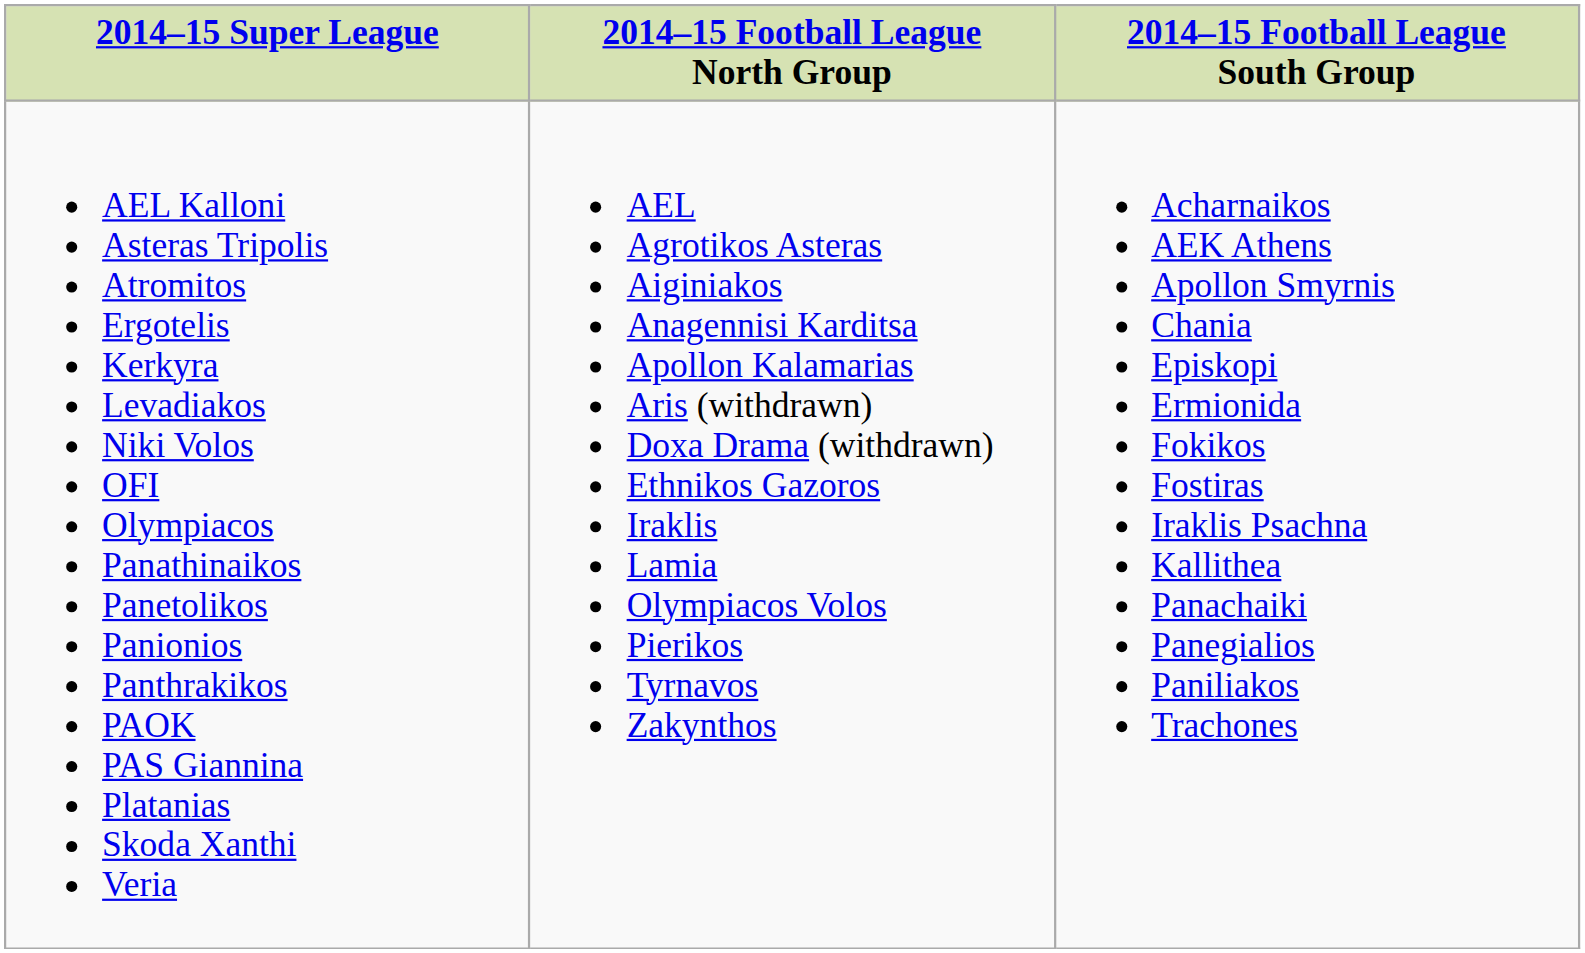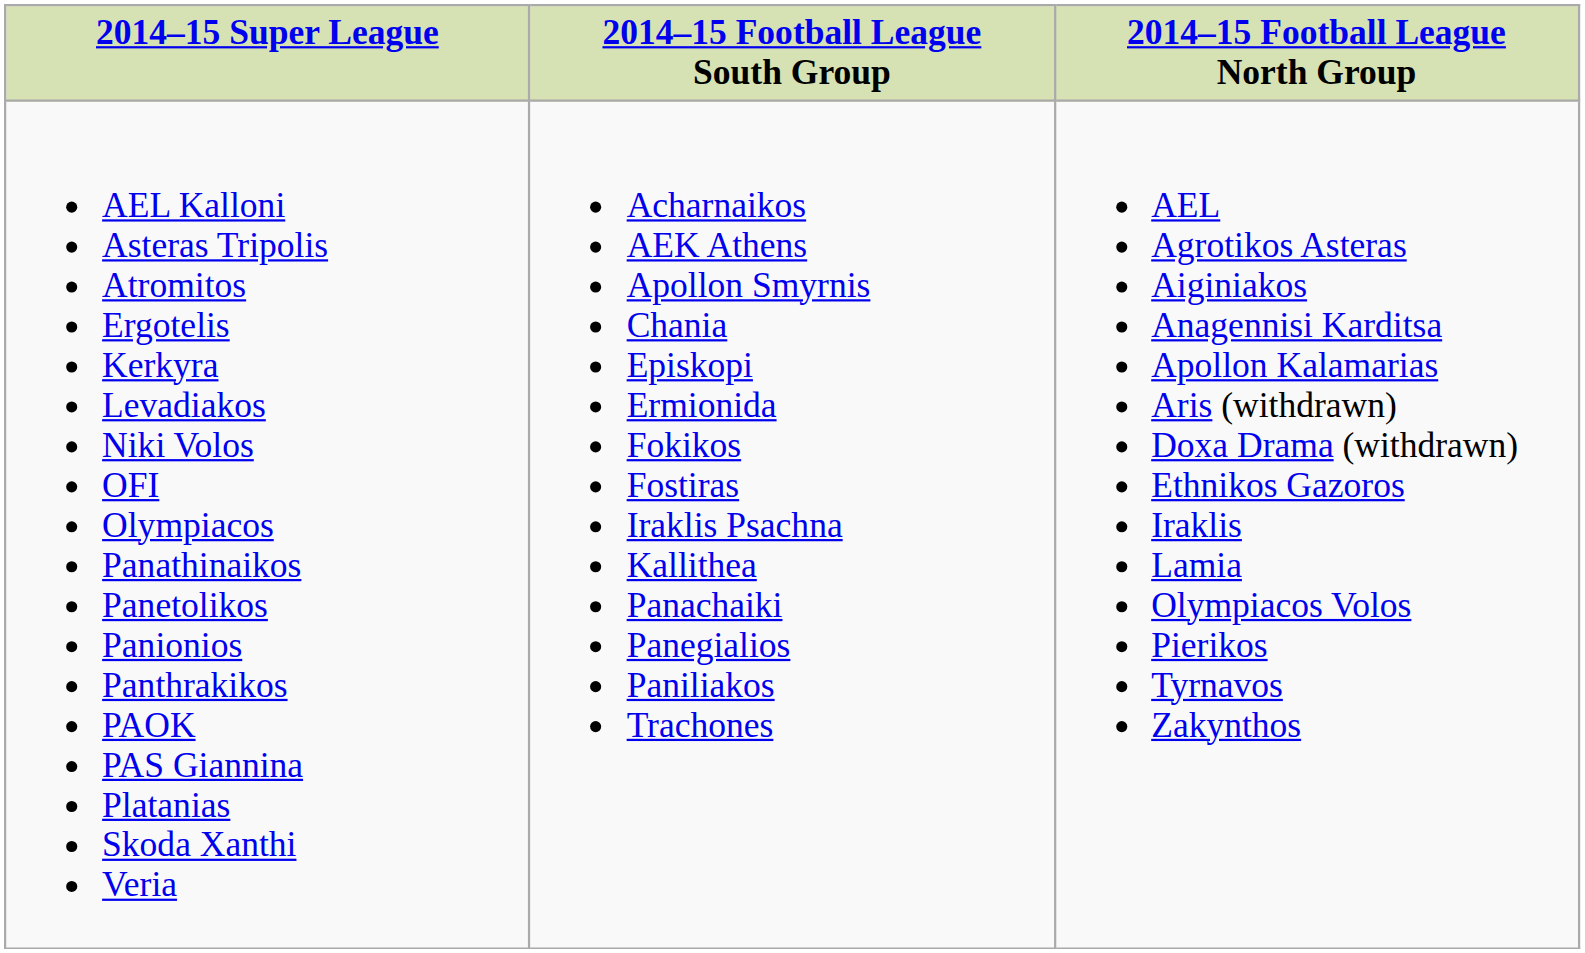 <table class="wikitable">
 <tr valign="top" bgcolor="#D6E2B3">
 <td align="center" width="30%"><strong><a href='#'>2014–15 Super League</a></strong></td>
+<td align="center" width="30%"><strong><a href='#'>2014–15 Football League</a><br>South Group</strong></td>
 <td align="center" width="30%"><strong><a href='#'>2014–15 Football League</a><br>North Group</strong></td>
-<td align="center" width="30%"><strong><a href='#'>2014–15 Football League</a><br>South Group</strong></td>
 </tr>
 <tr valign="top">
 <td><br><ul><li><a href='#'>AEL Kalloni</a></li><li><a href='#'>Asteras Tripolis</a></li><li><a href='#'>Atromitos</a></li><li><a href='#'>Ergotelis</a></li><li><a href='#'>Kerkyra</a></li><li><a href='#'>Levadiakos</a></li><li><a href='#'>Niki Volos</a></li><li><a href='#'>OFI</a></li><li><a href='#'>Olympiacos</a></li><li><a href='#'>Panathinaikos</a></li><li><a href='#'>Panetolikos</a></li><li><a href='#'>Panionios</a></li><li><a href='#'>Panthrakikos</a></li><li><a href='#'>PAOK</a></li><li><a href='#'>PAS Giannina</a></li><li><a href='#'>Platanias</a></li><li><a href='#'>Skoda Xanthi</a></li><li><a href='#'>Veria</a></li></ul></td>
+<td><br><ul><li><a href='#'>Acharnaikos</a></li><li><a href='#'>AEK Athens</a></li><li><a href='#'>Apollon Smyrnis</a></li><li><a href='#'>Chania</a></li><li><a href='#'>Episkopi</a></li><li><a href='#'>Ermionida</a></li><li><a href='#'>Fokikos</a></li><li><a href='#'>Fostiras</a></li><li><a href='#'>Iraklis Psachna</a></li><li><a href='#'>Kallithea</a></li><li><a href='#'>Panachaiki</a></li><li><a href='#'>Panegialios</a></li><li><a href='#'>Paniliakos</a></li><li><a href='#'>Trachones</a></li></ul></td>
 <td><br><ul><li><a href='#'>AEL</a></li><li><a href='#'>Agrotikos Asteras</a></li><li><a href='#'>Aiginiakos</a></li><li><a href='#'>Anagennisi Karditsa</a></li><li><a href='#'>Apollon Kalamarias</a></li><li><a href='#'>Aris</a> (withdrawn)</li><li><a href='#'>Doxa Drama</a> (withdrawn)</li><li><a href='#'>Ethnikos Gazoros</a></li><li><a href='#'>Iraklis</a></li><li><a href='#'>Lamia</a></li><li><a href='#'>Olympiacos Volos</a></li><li><a href='#'>Pierikos</a></li><li><a href='#'>Tyrnavos</a></li><li><a href='#'>Zakynthos</a></li></ul></td>
-<td><br><ul><li><a href='#'>Acharnaikos</a></li><li><a href='#'>AEK Athens</a></li><li><a href='#'>Apollon Smyrnis</a></li><li><a href='#'>Chania</a></li><li><a href='#'>Episkopi</a></li><li><a href='#'>Ermionida</a></li><li><a href='#'>Fokikos</a></li><li><a href='#'>Fostiras</a></li><li><a href='#'>Iraklis Psachna</a></li><li><a href='#'>Kallithea</a></li><li><a href='#'>Panachaiki</a></li><li><a href='#'>Panegialios</a></li><li><a href='#'>Paniliakos</a></li><li><a href='#'>Trachones</a></li></ul></td>
 </tr>
 </table>
